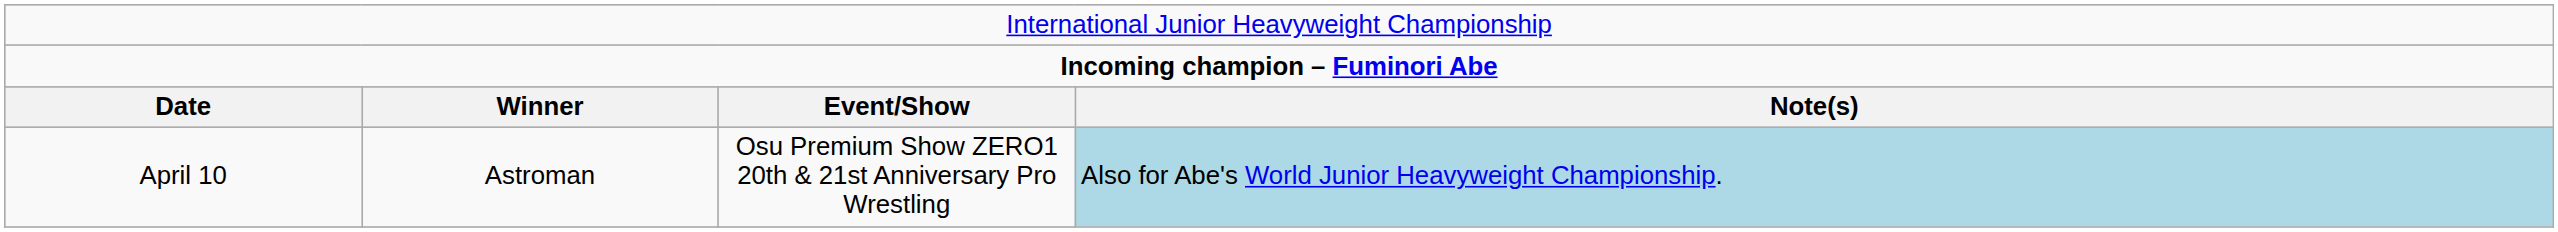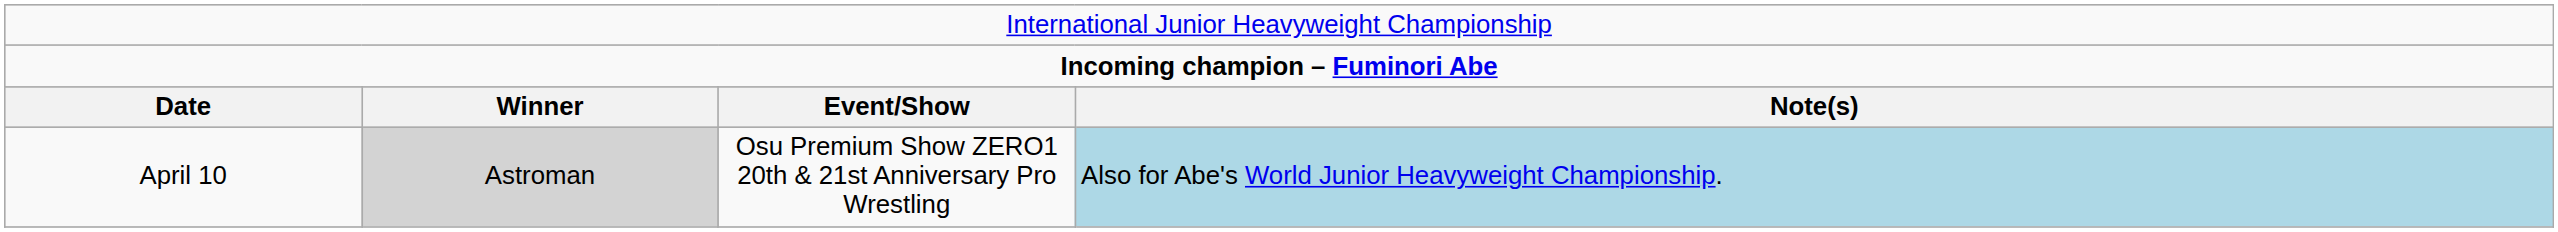 <table class="wikitable" style="text-align:center; width:100%;">
 <tr>
 <td colspan="4" style="text-align: center;"><a href='#'>International Junior Heavyweight Championship</a></td>
 </tr>
 <tr>
 <td colspan="4" style="text-align: center;"><strong>Incoming champion – <a href='#'>Fuminori Abe</a></strong></td>
 </tr>
 <tr>
 <th width=14%>Date</th>
 <th width=14%>Winner</th>
 <th width=14%>Event/Show</th>
 <th width=58%>Note(s)</th>
 </tr>
 <tr>
 <td>April 10</td>
-<td>Astroman</td>
+<td style="background: lightgrey;">Astroman</td>
 <td>Osu Premium Show ZERO1 20th & 21st Anniversary Pro Wrestling</td>
 <td align=left style="background: lightblue;">Also for Abe's <a href='#'>World Junior Heavyweight Championship</a>.</td>
 </tr>
 </table>
